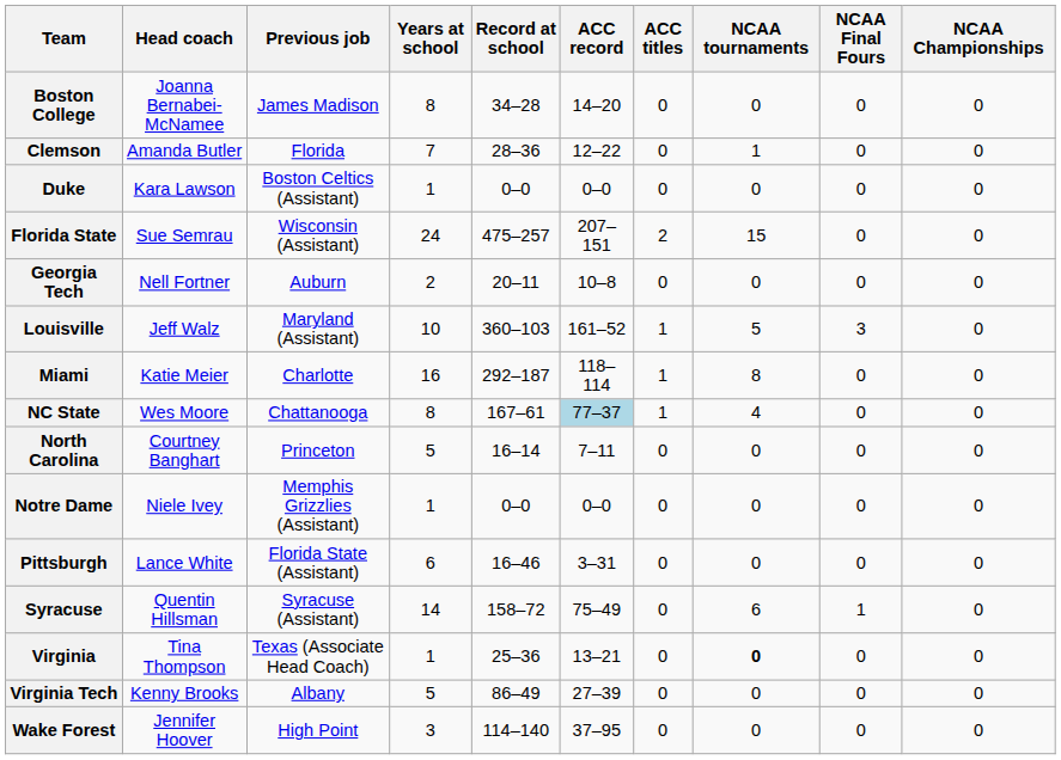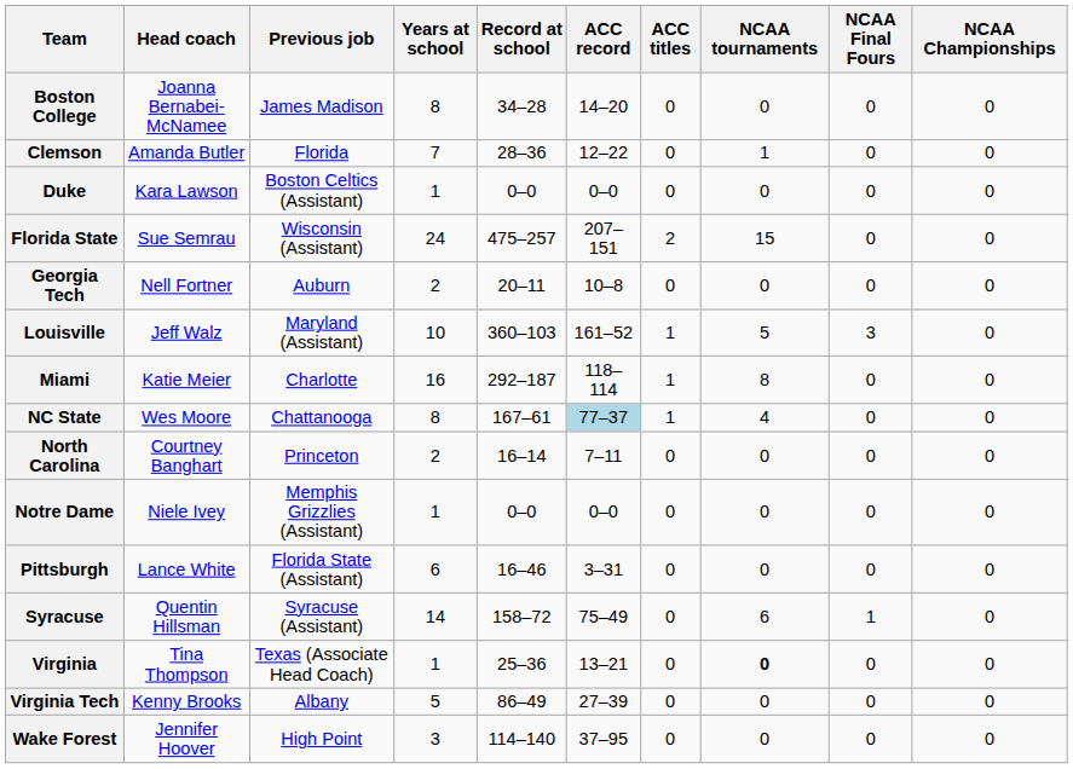 <table class="wikitable sortable" style="text-align: center;font-size:90%;">
 <tr>
 <th width="90">Team</th>
 <th>Head coach</th>
 <th>Previous job</th>
 <th>Years at school</th>
 <th>Record at school</th>
 <th>ACC record</th>
 <th>ACC titles</th>
 <th>NCAA tournaments</th>
 <th>NCAA Final Fours</th>
 <th>NCAA Championships</th>
 </tr>
 <tr>
 <th style=>Boston College</th>
 <td><a href='#'>Joanna Bernabei-McNamee</a></td>
 <td><a href='#'>James Madison</a></td>
 <td>8</td>
 <td>34–28</td>
 <td>14–20</td>
 <td>0</td>
 <td>0</td>
 <td>0</td>
 <td>0</td>
 </tr>
 <tr>
 <th>Clemson</th>
 <td><a href='#'>Amanda Butler</a></td>
 <td><a href='#'>Florida</a></td>
 <td>7</td>
 <td>28–36</td>
 <td>12–22</td>
 <td>0</td>
 <td>1</td>
 <td>0</td>
 <td>0</td>
 </tr>
 <tr>
 <th>Duke</th>
 <td><a href='#'>Kara Lawson</a></td>
 <td><a href='#'>Boston Celtics</a> (Assistant)</td>
 <td>1</td>
 <td>0–0</td>
 <td>0–0</td>
 <td>0</td>
 <td>0</td>
 <td>0</td>
 <td>0</td>
 </tr>
 <tr>
 <th style=>Florida State</th>
 <td><a href='#'>Sue Semrau</a></td>
 <td><a href='#'>Wisconsin</a> (Assistant)</td>
 <td>24</td>
 <td>475–257</td>
 <td>207–151</td>
 <td>2</td>
 <td>15</td>
 <td>0</td>
 <td>0</td>
 </tr>
 <tr>
 <th>Georgia Tech</th>
 <td><a href='#'>Nell Fortner</a></td>
 <td><a href='#'>Auburn</a></td>
 <td>2</td>
 <td>20–11</td>
 <td>10–8</td>
 <td>0</td>
 <td>0</td>
 <td>0</td>
 <td>0</td>
 </tr>
 <tr>
 <th>Louisville</th>
 <td><a href='#'>Jeff Walz</a></td>
 <td><a href='#'>Maryland</a> (Assistant)</td>
 <td>10</td>
 <td>360–103</td>
 <td>161–52</td>
 <td>1</td>
 <td>5</td>
 <td>3</td>
 <td>0</td>
 </tr>
 <tr>
 <th>Miami</th>
 <td><a href='#'>Katie Meier</a></td>
 <td><a href='#'>Charlotte</a></td>
 <td>16</td>
 <td>292–187</td>
 <td>118–114</td>
 <td>1</td>
 <td>8</td>
 <td>0</td>
 <td>0</td>
 </tr>
 <tr>
 <th>NC State</th>
 <td><a href='#'>Wes Moore</a></td>
 <td><a href='#'>Chattanooga</a></td>
 <td>8</td>
 <td>167–61</td>
 <td style="background: lightblue;">77–37</td>
 <td>1</td>
 <td>4</td>
 <td>0</td>
 <td>0</td>
 </tr>
 <tr>
 <th>North Carolina</th>
 <td><a href='#'>Courtney Banghart</a></td>
 <td><a href='#'>Princeton</a></td>
-<td>5</td>
+<td>2</td>
 <td>16–14</td>
 <td>7–11</td>
 <td>0</td>
 <td>0</td>
 <td>0</td>
 <td>0</td>
 </tr>
 <tr>
 <th style=>Notre Dame</th>
 <td><a href='#'>Niele Ivey</a></td>
 <td><a href='#'>Memphis Grizzlies</a> (Assistant)</td>
 <td>1</td>
 <td>0–0</td>
 <td>0–0</td>
 <td>0</td>
 <td>0</td>
 <td>0</td>
 <td>0</td>
 </tr>
 <tr>
 <th style=>Pittsburgh</th>
 <td><a href='#'>Lance White</a></td>
 <td><a href='#'>Florida State</a> (Assistant)</td>
 <td>6</td>
 <td>16–46</td>
 <td>3–31</td>
 <td>0</td>
 <td>0</td>
 <td>0</td>
 <td>0</td>
 </tr>
 <tr>
 <th style=>Syracuse</th>
 <td><a href='#'>Quentin Hillsman</a></td>
 <td><a href='#'>Syracuse</a> (Assistant)</td>
 <td>14</td>
 <td>158–72</td>
 <td>75–49</td>
 <td>0</td>
 <td>6</td>
 <td>1</td>
 <td>0</td>
 </tr>
 <tr>
 <th>Virginia</th>
 <td><a href='#'>Tina Thompson</a></td>
 <td><a href='#'>Texas</a> (Associate Head Coach)</td>
 <td>1</td>
 <td>25–36</td>
 <td>13–21</td>
 <td>0</td>
 <td><strong>0</strong></td>
 <td>0</td>
 <td>0</td>
 </tr>
 <tr>
 <th>Virginia Tech</th>
 <td><a href='#'>Kenny Brooks</a></td>
 <td><a href='#'>Albany</a></td>
 <td>5</td>
 <td>86–49</td>
 <td>27–39</td>
 <td>0</td>
 <td>0</td>
 <td>0</td>
 <td>0</td>
 </tr>
 <tr>
 <th style=>Wake Forest</th>
 <td><a href='#'>Jennifer Hoover</a></td>
 <td><a href='#'>High Point</a></td>
 <td>3</td>
 <td>114–140</td>
 <td>37–95</td>
 <td>0</td>
 <td>0</td>
 <td>0</td>
 <td>0</td>
 </tr>
 </table>
